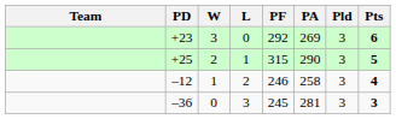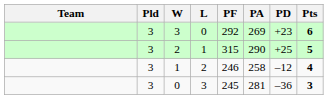 <table class=wikitable style="text-align:center">
 <tr>
 <th width=180>Team</th>
-<th width=30>PD</th>
+<th width=30>Pld</th>
 <th width=30>W</th>
 <th width=30>L</th>
 <th width=30>PF</th>
 <th width=30>PA</th>
-<th width=30>Pld</th>
+<th width=30>PD</th>
 <th width=30>Pts</th>
 </tr>
 <tr bgcolor="#ccffcc">
 <td align="left"></td>
-<td>+23</td>
+<td>3</td>
 <td>3</td>
 <td>0</td>
 <td>292</td>
 <td>269</td>
-<td>3</td>
+<td>+23</td>
 <td><strong>6</strong></td>
 </tr>
 <tr bgcolor="#ccffcc">
 <td align="left"></td>
-<td>+25</td>
+<td>3</td>
 <td>2</td>
 <td>1</td>
 <td>315</td>
 <td>290</td>
-<td>3</td>
+<td>+25</td>
 <td><strong>5</strong></td>
 </tr>
 <tr>
 <td align="left"></td>
-<td>–12</td>
+<td>3</td>
 <td>1</td>
 <td>2</td>
 <td>246</td>
 <td>258</td>
-<td>3</td>
+<td>–12</td>
 <td><strong>4</strong></td>
 </tr>
 <tr>
 <td align="left"></td>
-<td>–36</td>
+<td>3</td>
 <td>0</td>
 <td>3</td>
 <td>245</td>
 <td>281</td>
-<td>3</td>
+<td>–36</td>
 <td><strong>3</strong></td>
 </tr>
 </table>
